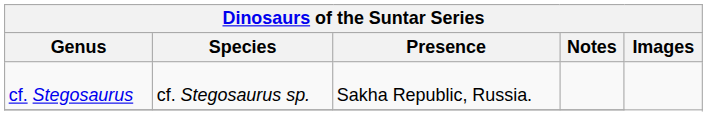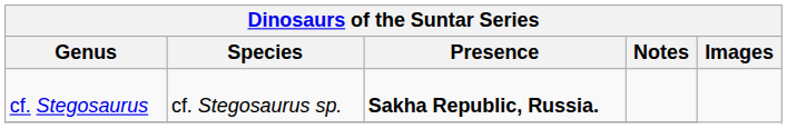 <table class="wikitable" align="center" width="100%">
 <tr>
 <th colspan="5" align="center"><strong><a href='#'>Dinosaurs</a> of the Suntar Series</strong></th>
 </tr>
 <tr>
 <th>Genus</th>
 <th>Species</th>
 <th>Presence</th>
 <th>Notes</th>
 <th>Images</th>
 </tr>
 <tr>
 <td><br><a href='#'>cf.</a> <em><a href='#'>Stegosaurus</a></em></td>
 <td><br>cf. <em>Stegosaurus sp.</em></td>
-<td><br>Sakha Republic, Russia.</td>
+<td><strong><br>Sakha Republic, Russia.</strong></td>
 <td></td>
 <td rowspan="99"><br></td>
 </tr>
 <tr>
 </tr>
 </table>
